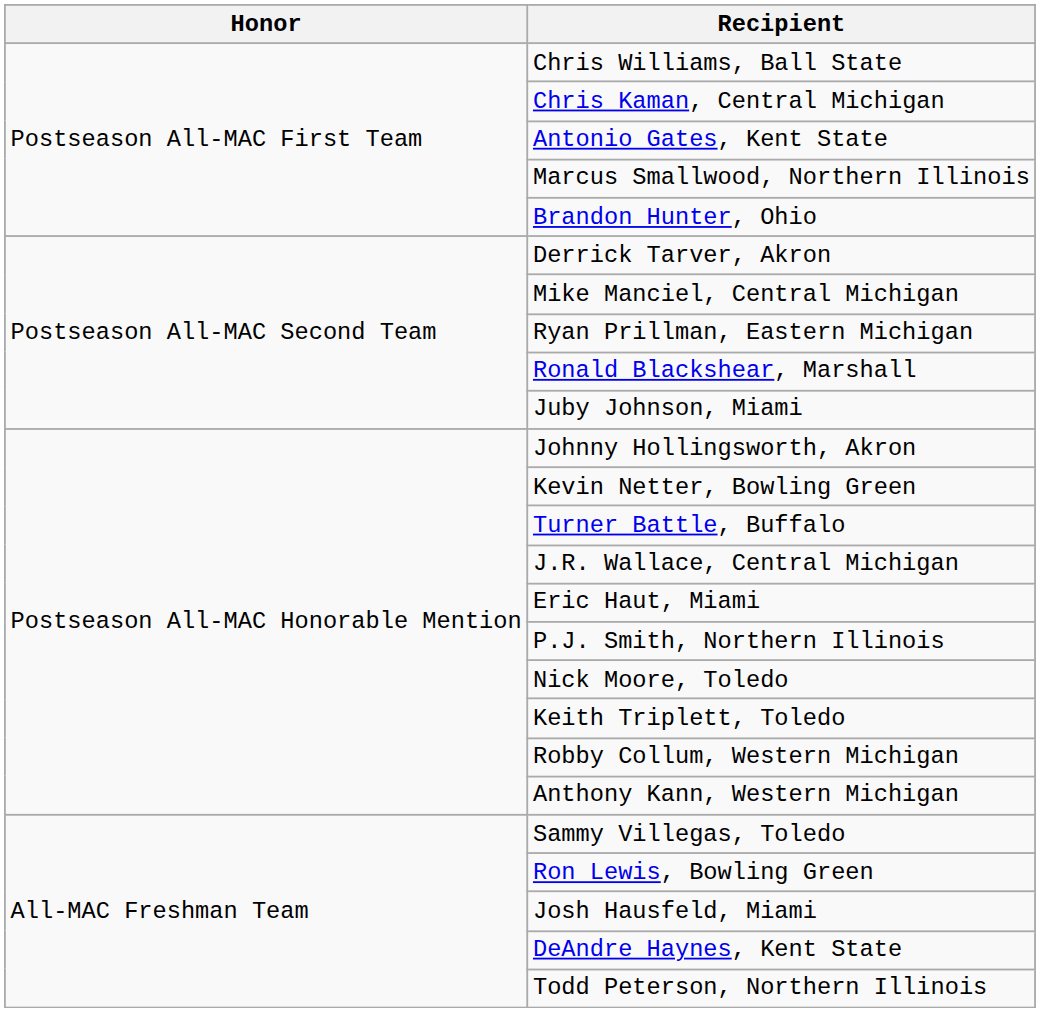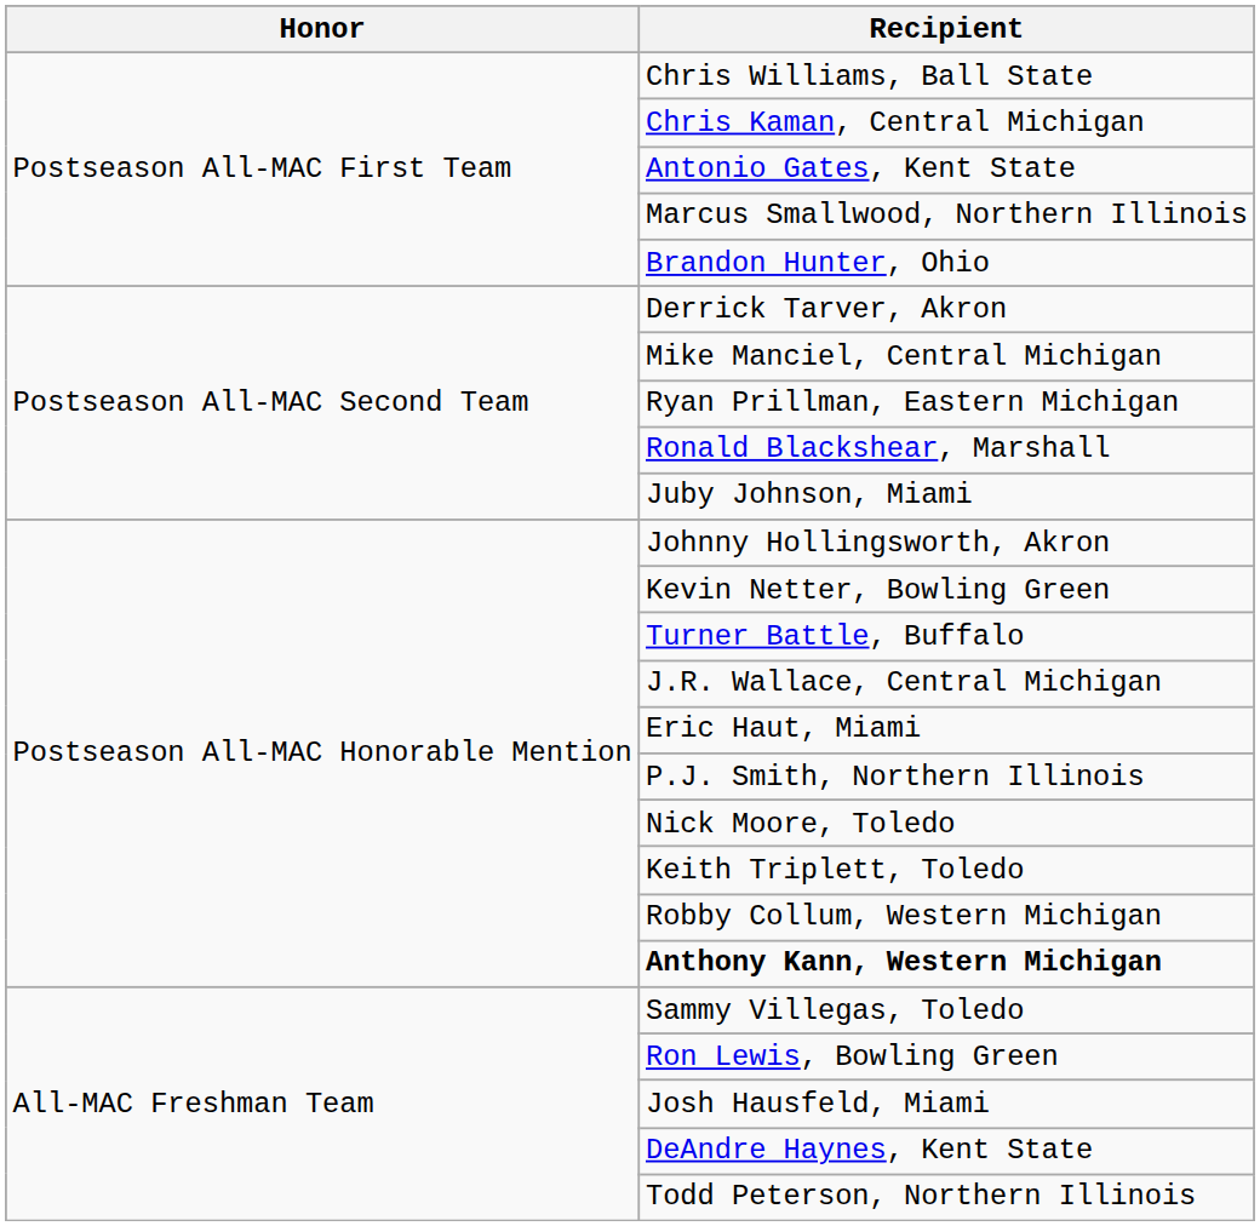 <table class="wikitable" border="1">
 <tr>
 <th>Honor</th>
 <th>Recipient</th>
 </tr>
 <tr>
 <td rowspan=5 valign=middle>Postseason All-MAC First Team</td>
 <td>Chris Williams, Ball State</td>
 </tr>
 <tr>
 <td><a href='#'>Chris Kaman</a>, Central Michigan</td>
 </tr>
 <tr>
 <td><a href='#'>Antonio Gates</a>, Kent State</td>
 </tr>
 <tr>
 <td>Marcus Smallwood, Northern Illinois</td>
 </tr>
 <tr>
 <td><a href='#'>Brandon Hunter</a>, Ohio</td>
 </tr>
 <tr>
 <td rowspan=5 valign=middle>Postseason All-MAC Second Team</td>
 <td>Derrick Tarver, Akron</td>
 </tr>
 <tr>
 <td>Mike Manciel, Central Michigan</td>
 </tr>
 <tr>
 <td>Ryan Prillman, Eastern Michigan</td>
 </tr>
 <tr>
 <td><a href='#'>Ronald Blackshear</a>, Marshall</td>
 </tr>
 <tr>
 <td>Juby Johnson, Miami</td>
 </tr>
 <tr>
 <td rowspan=10 valign=middle>Postseason All-MAC Honorable Mention</td>
 <td>Johnny Hollingsworth, Akron</td>
 </tr>
 <tr>
 <td>Kevin Netter, Bowling Green</td>
 </tr>
 <tr>
 <td><a href='#'>Turner Battle</a>, Buffalo</td>
 </tr>
 <tr>
 <td>J.R. Wallace, Central Michigan</td>
 </tr>
 <tr>
 <td>Eric Haut, Miami</td>
 </tr>
 <tr>
 <td>P.J. Smith, Northern Illinois</td>
 </tr>
 <tr>
 <td>Nick Moore, Toledo</td>
 </tr>
 <tr>
 <td>Keith Triplett, Toledo</td>
 </tr>
 <tr>
 <td>Robby Collum, Western Michigan</td>
 </tr>
 <tr>
-<td>Anthony Kann, Western Michigan</td>
+<td><strong>Anthony Kann, Western Michigan</strong></td>
 </tr>
 <tr>
 <td rowspan=5 valign=middle>All-MAC Freshman Team</td>
 <td>Sammy Villegas, Toledo</td>
 </tr>
 <tr>
 <td><a href='#'>Ron Lewis</a>, Bowling Green</td>
 </tr>
 <tr>
 <td>Josh Hausfeld, Miami</td>
 </tr>
 <tr>
 <td><a href='#'>DeAndre Haynes</a>, Kent State</td>
 </tr>
 <tr>
 <td>Todd Peterson, Northern Illinois</td>
 </tr>
 <tr>
 </tr>
 </table>
